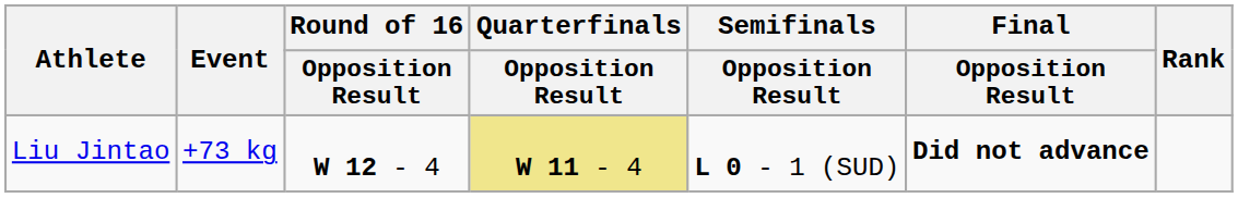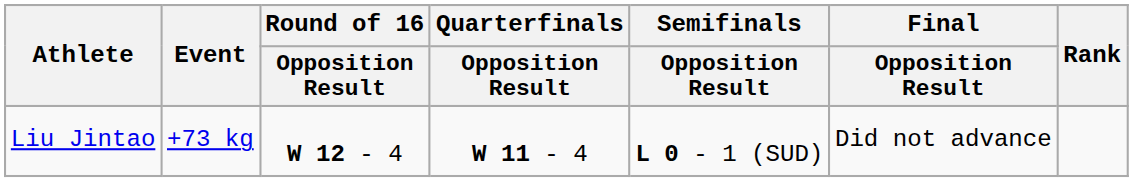 <table class="wikitable" style="font-size:90%;">
 <tr>
 <th rowspan=2>Athlete</th>
 <th rowspan=2>Event</th>
 <th>Round of 16</th>
 <th>Quarterfinals</th>
 <th>Semifinals</th>
 <th>Final</th>
 <th rowspan=2>Rank</th>
 </tr>
 <tr style="font-size:95%">
 <th>Opposition<br>Result</th>
 <th>Opposition<br>Result</th>
 <th>Opposition<br>Result</th>
 <th>Opposition<br>Result</th>
 </tr>
 <tr align=center>
 <td align=left><a href='#'>Liu Jintao</a></td>
 <td align=left><a href='#'>+73 kg</a></td>
 <td><br><strong>W</strong> <strong>12</strong> - 4</td>
-<td style="background: khaki;"><br><strong>W</strong> <strong>11</strong> - 4</td>
+<td><br><strong>W</strong> <strong>11</strong> - 4</td>
 <td><br><strong>L</strong> <strong>0</strong> - 1 (SUD)</td>
-<td><strong>Did not advance</strong></td>
+<td>Did not advance</td>
 <td></td>
 </tr>
 </table>
